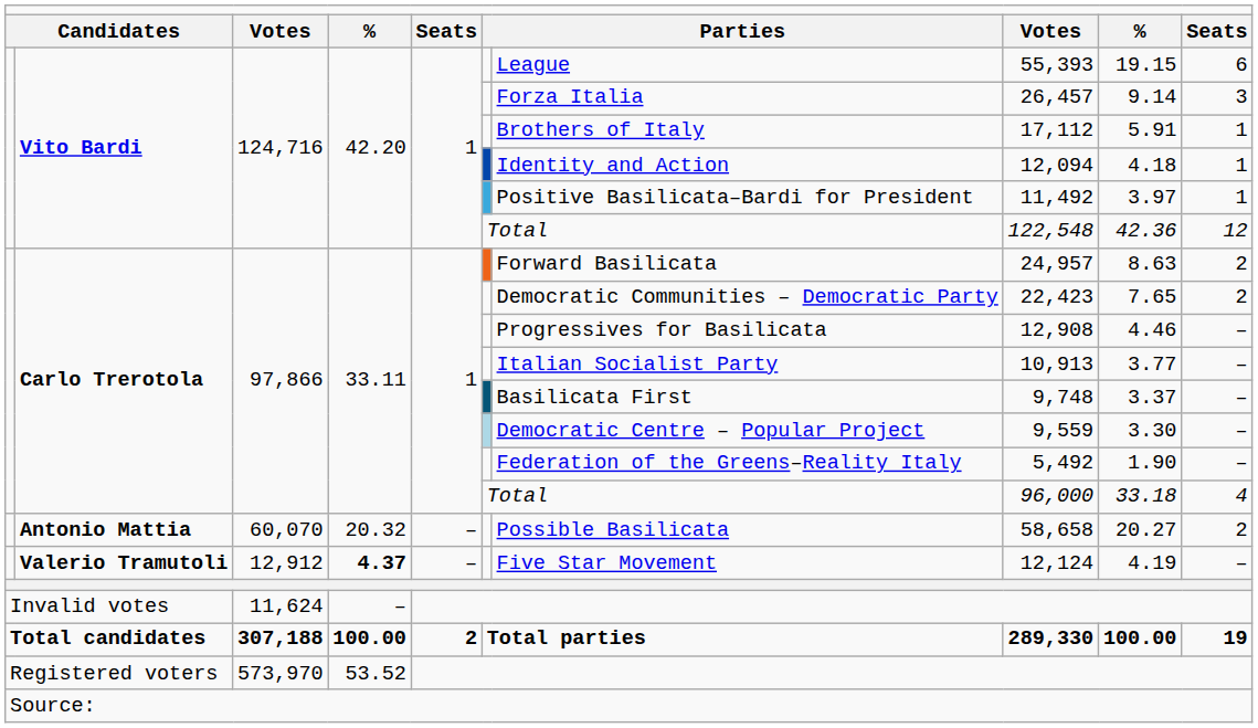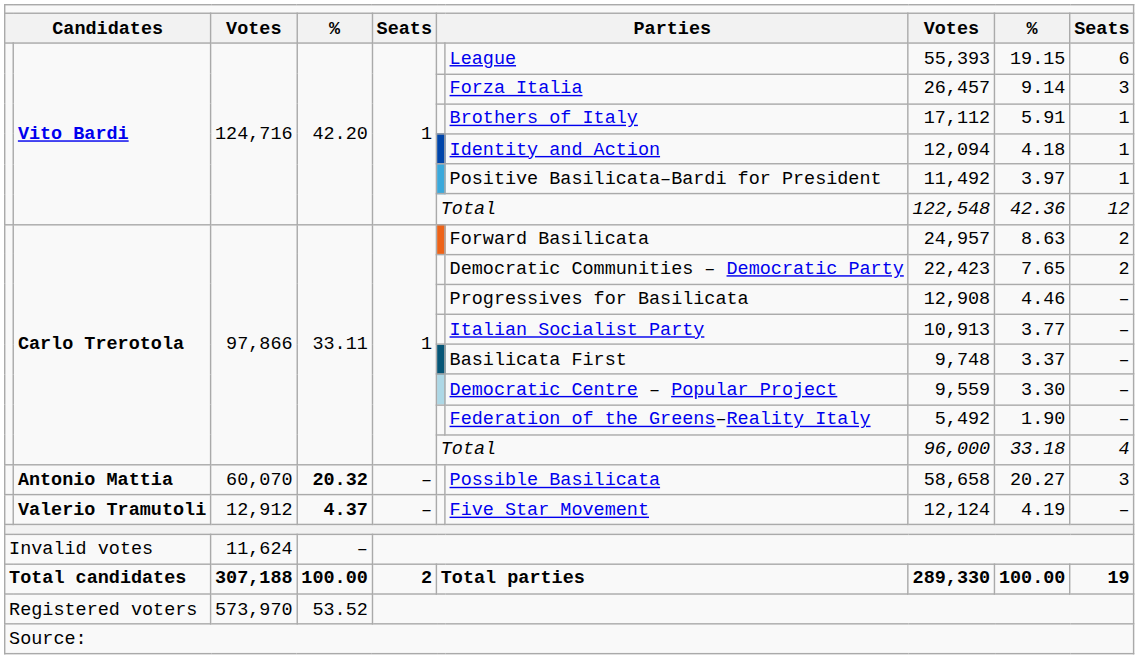 <table class="wikitable">
 <tr>
 <td colspan=10></td>
 </tr>
 <tr>
 <th colspan="2">Candidates</th>
 <th><strong>Votes</strong></th>
 <th><strong>%</strong></th>
 <th>Seats</th>
 <th colspan="2">Parties</th>
 <th><strong>Votes</strong></th>
 <th><strong>%</strong></th>
 <th>Seats</th>
 </tr>
 <tr>
 <td rowspan="6" style="background:"></td>
 <td rowspan="6"><strong><a href='#'>Vito Bardi</a></strong></td>
 <td rowspan="6">124,716</td>
 <td rowspan="6" align=right>42.20</td>
 <td rowspan="6" align=right>1</td>
 <td></td>
 <td style="text-align:left;"><a href='#'>League</a></td>
 <td align=right>55,393</td>
 <td align=right>19.15</td>
 <td align=right>6</td>
 </tr>
 <tr>
 <td></td>
 <td style="text-align:left;"><a href='#'>Forza Italia</a></td>
 <td align=right>26,457</td>
 <td align=right>9.14</td>
 <td align=right>3</td>
 </tr>
 <tr>
 <td></td>
 <td style="text-align:left;"><a href='#'>Brothers of Italy</a></td>
 <td align=right>17,112</td>
 <td align=right>5.91</td>
 <td align=right>1</td>
 </tr>
 <tr>
 <td bgcolor="#0045AA"></td>
 <td style="text-align:left;"><a href='#'>Identity and Action</a></td>
 <td align=right>12,094</td>
 <td align=right>4.18</td>
 <td align=right>1</td>
 </tr>
 <tr>
 <td bgcolor="#3AA9DC"></td>
 <td style="text-align:left;">Positive Basilicata–Bardi for President</td>
 <td align=right>11,492</td>
 <td align=right>3.97</td>
 <td align=right>1</td>
 </tr>
 <tr>
 <td colspan="2"><em>Total</em></td>
 <td align="right"><em>122,548</em></td>
 <td align="right"><em>42.36</em></td>
 <td align="right"><em>12</em></td>
 </tr>
 <tr>
 <td rowspan="8"></td>
 <td rowspan="8"><strong>Carlo Trerotola</strong></td>
 <td rowspan="8" align=right>97,866</td>
 <td rowspan="8" align=right>33.11</td>
 <td rowspan="8" align=right>1</td>
 <td style="background-color:#EE6318"></td>
 <td>Forward Basilicata</td>
 <td align=right>24,957</td>
 <td align=right>8.63</td>
 <td align=right>2</td>
 </tr>
 <tr>
 <td></td>
 <td style="text-align:left;">Democratic Communities – <a href='#'>Democratic Party</a></td>
 <td align=right>22,423</td>
 <td align=right>7.65</td>
 <td align=right>2</td>
 </tr>
 <tr>
 <td style="background-color:"></td>
 <td>Progressives for Basilicata</td>
 <td align=right>12,908</td>
 <td align=right>4.46</td>
 <td align=right>–</td>
 </tr>
 <tr>
 <td style="background-color:"></td>
 <td><a href='#'>Italian Socialist Party</a></td>
 <td align=right>10,913</td>
 <td align=right>3.77</td>
 <td align=right>–</td>
 </tr>
 <tr>
 <td style="background-color:#065677"></td>
 <td>Basilicata First</td>
 <td align=right>9,748</td>
 <td align=right>3.37</td>
 <td align=right>–</td>
 </tr>
 <tr>
 <td style="background-color:lightblue"></td>
 <td><a href='#'>Democratic Centre</a> – <a href='#'>Popular Project</a></td>
 <td align=right>9,559</td>
 <td align=right>3.30</td>
 <td align=right>–</td>
 </tr>
 <tr>
 <td style="background-color:"></td>
 <td><a href='#'>Federation of the Greens</a>–<a href='#'>Reality Italy</a></td>
 <td align=right>5,492</td>
 <td align=right>1.90</td>
 <td align=right>–</td>
 </tr>
 <tr>
 <td colspan="2"><em>Total</em></td>
 <td align="right"><em>96,000</em></td>
 <td align="right"><em>33.18</em></td>
 <td align="right"><em>4</em></td>
 </tr>
 <tr>
 <td style="background-color:"></td>
 <td><strong>Antonio Mattia</strong></td>
 <td align=right>60,070</td>
-<td align=right>20.32</td>
+<td align=right><strong>20.32</strong></td>
 <td align=right>–</td>
 <td style="background-color:"></td>
 <td><a href='#'>Possible Basilicata</a></td>
 <td align=right>58,658</td>
 <td align=right>20.27</td>
-<td align=right>2</td>
+<td align=right>3</td>
 </tr>
 <tr>
 <td style="background-color:"></td>
 <td><strong>Valerio Tramutoli</strong></td>
 <td align=right>12,912</td>
 <td align=right><strong>4.37</strong></td>
 <td align=right>–</td>
 <td style="background-color:"></td>
 <td><a href='#'>Five Star Movement</a></td>
 <td align=right>12,124</td>
 <td align=right>4.19</td>
 <td align=right>–</td>
 </tr>
 <tr>
 <th colspan="10"></th>
 </tr>
 <tr>
 <td colspan="2">Invalid votes</td>
 <td align=right>11,624</td>
 <td align=right>–</td>
 <td colspan="6"></td>
 </tr>
 <tr>
 <td colspan="2"><strong>Total candidates</strong></td>
 <td align=right><strong>307,188</strong></td>
 <td align=right><strong>100.00</strong></td>
 <td align=right><strong>2</strong></td>
 <td colspan="2"><strong>Total parties</strong></td>
 <td align=right><strong>289,330</strong></td>
 <td align=right><strong>100.00</strong></td>
 <td align=right><strong>19</strong></td>
 </tr>
 <tr>
 <td colspan="2">Registered voters</td>
 <td align="right">573,970</td>
 <td align="right">53.52</td>
 <td colspan=6></td>
 </tr>
 <tr>
 <td colspan="10">Source: </td>
 </tr>
 </table>
